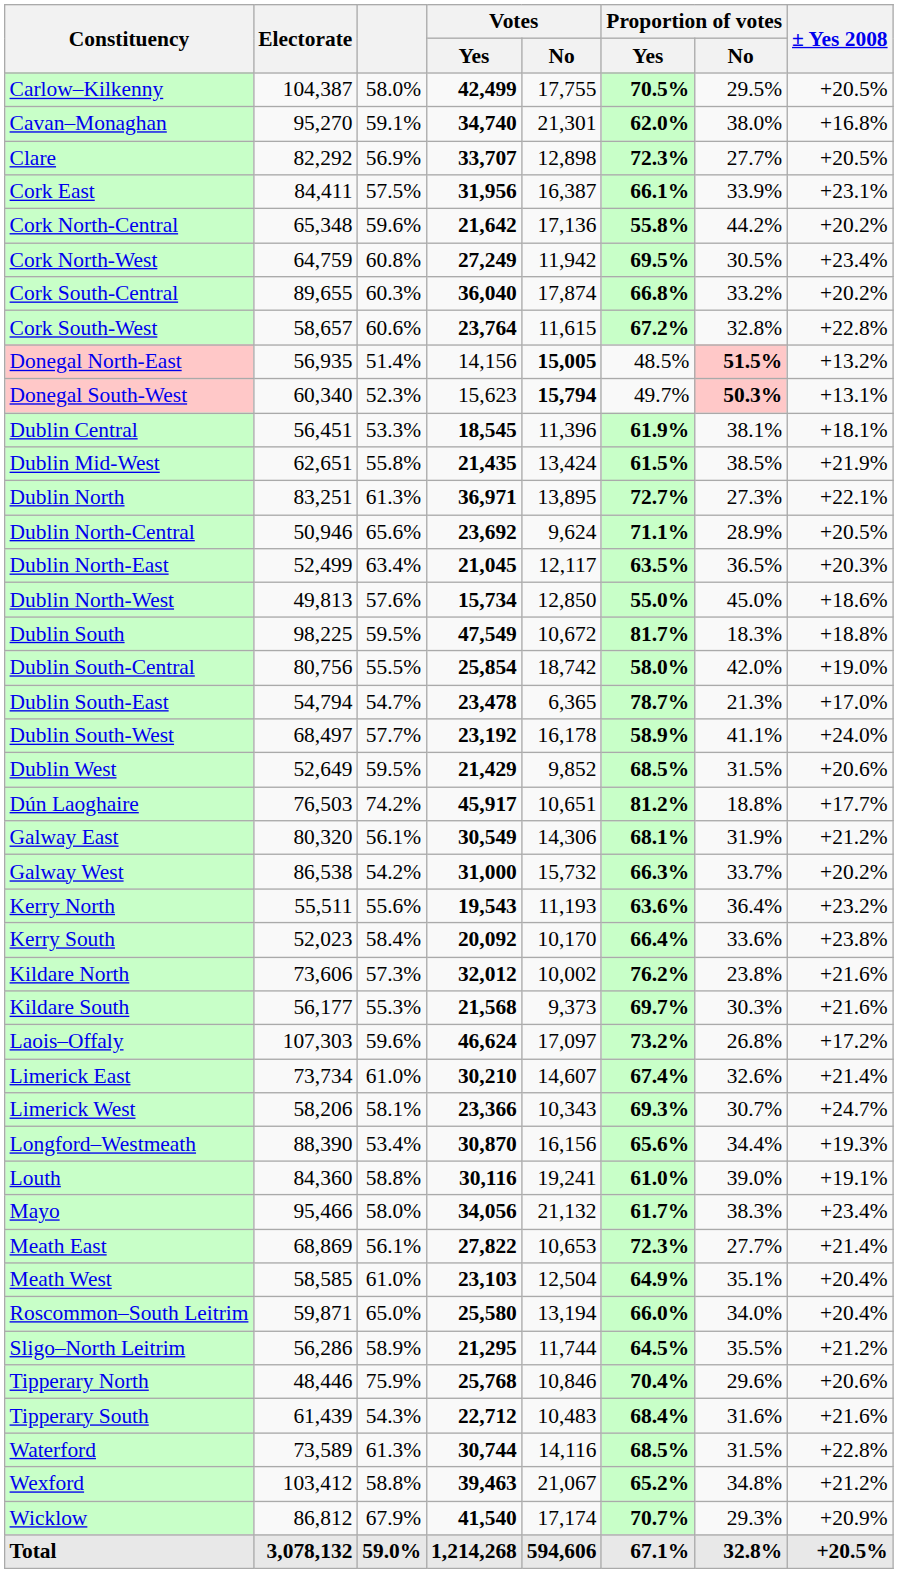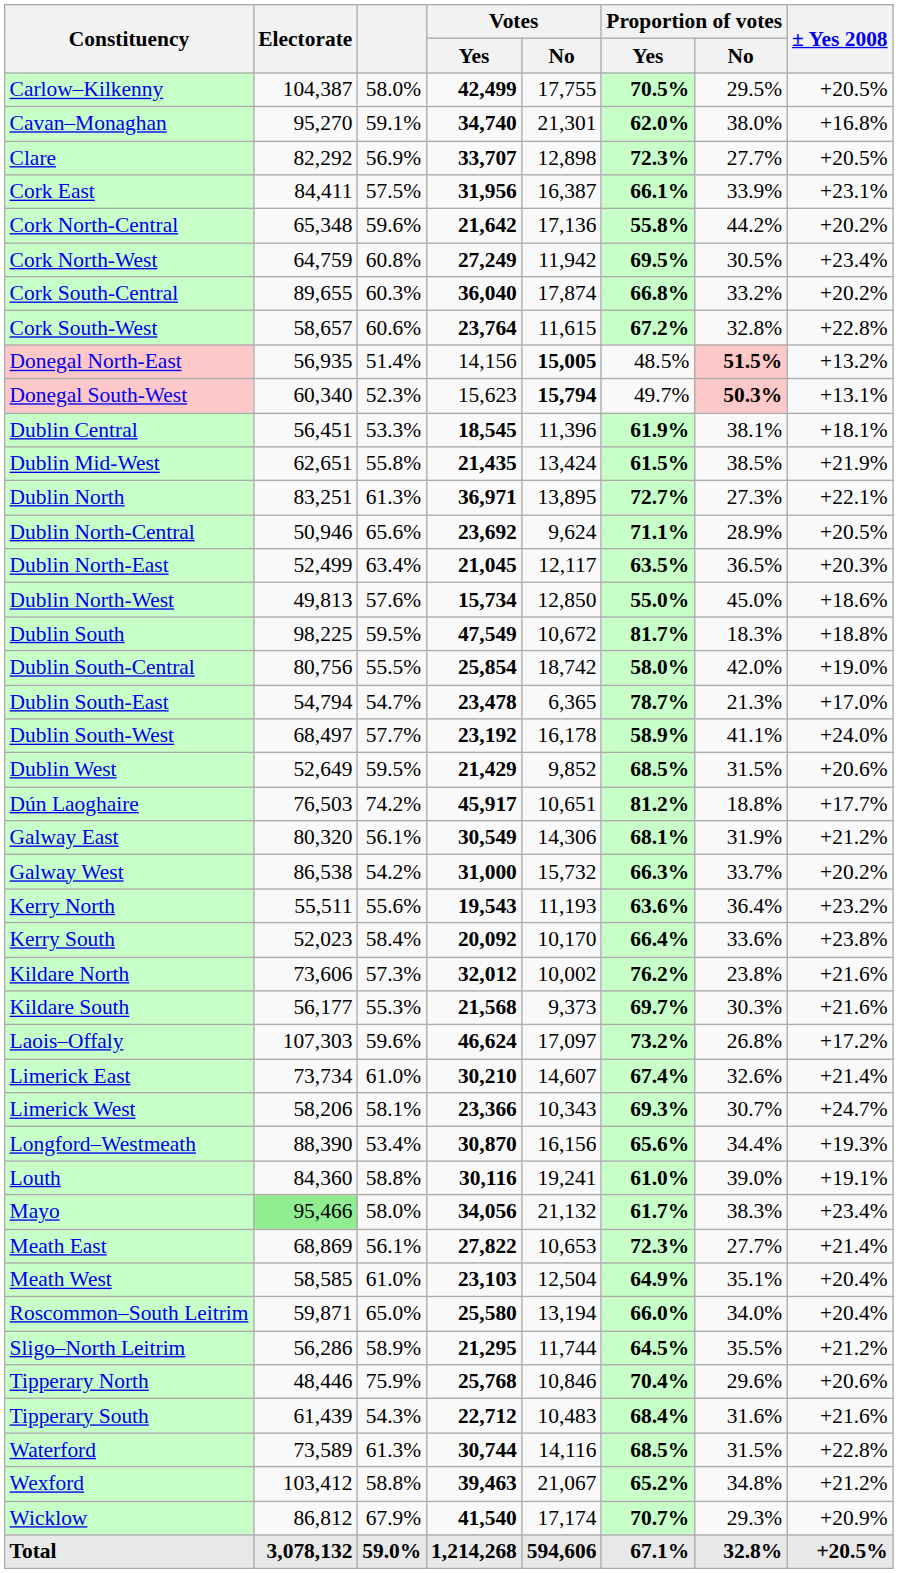 <table class="wikitable sortable">
 <tr>
 <th rowspan=2>Constituency</th>
 <th rowspan=2>Electorate</th>
 <th rowspan=2></th>
 <th colspan=2>Votes</th>
 <th colspan=2>Proportion of votes</th>
 <th rowspan=2><a href='#'>± Yes 2008</a></th>
 </tr>
 <tr>
 <th>Yes</th>
 <th>No</th>
 <th>Yes</th>
 <th>No</th>
 </tr>
 <tr>
 <td style="background:#c8ffc8;"><a href='#'>Carlow–Kilkenny</a></td>
 <td style="text-align: right;">104,387</td>
 <td style="text-align: right;">58.0%</td>
 <td style="text-align: right;"><strong>42,499</strong></td>
 <td style="text-align: right;">17,755</td>
 <td style="text-align: right; background:#c8ffc8;"><strong>70.5%</strong></td>
 <td style="text-align: right;">29.5%</td>
 <td style="text-align: right;">+20.5%</td>
 </tr>
 <tr>
 <td style="background:#c8ffc8;"><a href='#'>Cavan–Monaghan</a></td>
 <td style="text-align: right;">95,270</td>
 <td style="text-align: right;">59.1%</td>
 <td style="text-align: right;"><strong>34,740</strong></td>
 <td style="text-align: right;">21,301</td>
 <td style="text-align: right; background:#c8ffc8;"><strong>62.0%</strong></td>
 <td style="text-align: right;">38.0%</td>
 <td style="text-align: right;">+16.8%</td>
 </tr>
 <tr>
 <td style="background:#c8ffc8;"><a href='#'>Clare</a></td>
 <td style="text-align: right;">82,292</td>
 <td style="text-align: right;">56.9%</td>
 <td style="text-align: right;"><strong>33,707</strong></td>
 <td style="text-align: right;">12,898</td>
 <td style="text-align: right; background:#c8ffc8;"><strong>72.3%</strong></td>
 <td style="text-align: right;">27.7%</td>
 <td style="text-align: right;">+20.5%</td>
 </tr>
 <tr>
 <td style="background:#c8ffc8;"><a href='#'>Cork East</a></td>
 <td style="text-align: right;">84,411</td>
 <td style="text-align: right;">57.5%</td>
 <td style="text-align: right;"><strong>31,956</strong></td>
 <td style="text-align: right;">16,387</td>
 <td style="text-align: right; background:#c8ffc8;"><strong>66.1%</strong></td>
 <td style="text-align: right;">33.9%</td>
 <td style="text-align: right;">+23.1%</td>
 </tr>
 <tr>
 <td style="background:#c8ffc8;"><a href='#'>Cork North-Central</a></td>
 <td style="text-align: right;">65,348</td>
 <td style="text-align: right;">59.6%</td>
 <td style="text-align: right;"><strong>21,642</strong></td>
 <td style="text-align: right;">17,136</td>
 <td style="text-align: right; background:#c8ffc8;"><strong>55.8%</strong></td>
 <td style="text-align: right;">44.2%</td>
 <td style="text-align: right;">+20.2%</td>
 </tr>
 <tr>
 <td style="background:#c8ffc8;"><a href='#'>Cork North-West</a></td>
 <td style="text-align: right;">64,759</td>
 <td style="text-align: right;">60.8%</td>
 <td style="text-align: right;"><strong>27,249</strong></td>
 <td style="text-align: right;">11,942</td>
 <td style="text-align: right; background:#c8ffc8;"><strong>69.5%</strong></td>
 <td style="text-align: right;">30.5%</td>
 <td style="text-align: right;">+23.4%</td>
 </tr>
 <tr>
 <td style="background:#c8ffc8;"><a href='#'>Cork South-Central</a></td>
 <td style="text-align: right;">89,655</td>
 <td style="text-align: right;">60.3%</td>
 <td style="text-align: right;"><strong>36,040</strong></td>
 <td style="text-align: right;">17,874</td>
 <td style="text-align: right; background:#c8ffc8;"><strong>66.8%</strong></td>
 <td style="text-align: right;">33.2%</td>
 <td style="text-align: right;">+20.2%</td>
 </tr>
 <tr>
 <td style="background:#c8ffc8;"><a href='#'>Cork South-West</a></td>
 <td style="text-align: right;">58,657</td>
 <td style="text-align: right;">60.6%</td>
 <td style="text-align: right;"><strong>23,764</strong></td>
 <td style="text-align: right;">11,615</td>
 <td style="text-align: right; background:#c8ffc8;"><strong>67.2%</strong></td>
 <td style="text-align: right;">32.8%</td>
 <td style="text-align: right;">+22.8%</td>
 </tr>
 <tr>
 <td style="background:#ffc8c8;"><a href='#'>Donegal North-East</a></td>
 <td style="text-align: right;">56,935</td>
 <td style="text-align: right;">51.4%</td>
 <td style="text-align: right;">14,156</td>
 <td style="text-align: right;"><strong>15,005</strong></td>
 <td style="text-align: right;">48.5%</td>
 <td style="text-align: right; background:#ffc8c8;"><strong>51.5%</strong></td>
 <td style="text-align: right;">+13.2%</td>
 </tr>
 <tr>
 <td style="background:#ffc8c8;"><a href='#'>Donegal South-West</a></td>
 <td style="text-align: right;">60,340</td>
 <td style="text-align: right;">52.3%</td>
 <td style="text-align: right;">15,623</td>
 <td style="text-align: right;"><strong>15,794</strong></td>
 <td style="text-align: right;">49.7%</td>
 <td style="text-align: right; background:#ffc8c8;"><strong>50.3%</strong></td>
 <td style="text-align: right;">+13.1%</td>
 </tr>
 <tr>
 <td style="background:#c8ffc8;"><a href='#'>Dublin Central</a></td>
 <td style="text-align: right;">56,451</td>
 <td style="text-align: right;">53.3%</td>
 <td style="text-align: right;"><strong>18,545</strong></td>
 <td style="text-align: right;">11,396</td>
 <td style="text-align: right; background:#c8ffc8;"><strong>61.9%</strong></td>
 <td style="text-align: right;">38.1%</td>
 <td style="text-align: right;">+18.1%</td>
 </tr>
 <tr>
 <td style="background:#c8ffc8;"><a href='#'>Dublin Mid-West</a></td>
 <td style="text-align: right;">62,651</td>
 <td style="text-align: right;">55.8%</td>
 <td style="text-align: right;"><strong>21,435</strong></td>
 <td style="text-align: right;">13,424</td>
 <td style="text-align: right; background:#c8ffc8;"><strong>61.5%</strong></td>
 <td style="text-align: right;">38.5%</td>
 <td style="text-align: right;">+21.9%</td>
 </tr>
 <tr>
 <td style="background:#c8ffc8;"><a href='#'>Dublin North</a></td>
 <td style="text-align: right;">83,251</td>
 <td style="text-align: right;">61.3%</td>
 <td style="text-align: right;"><strong>36,971</strong></td>
 <td style="text-align: right;">13,895</td>
 <td style="text-align: right; background:#c8ffc8;"><strong>72.7%</strong></td>
 <td style="text-align: right;">27.3%</td>
 <td style="text-align: right;">+22.1%</td>
 </tr>
 <tr>
 <td style="background:#c8ffc8;"><a href='#'>Dublin North-Central</a></td>
 <td style="text-align: right;">50,946</td>
 <td style="text-align: right;">65.6%</td>
 <td style="text-align: right;"><strong>23,692</strong></td>
 <td style="text-align: right;">9,624</td>
 <td style="text-align: right; background:#c8ffc8;"><strong>71.1%</strong></td>
 <td style="text-align: right;">28.9%</td>
 <td style="text-align: right;">+20.5%</td>
 </tr>
 <tr>
 <td style="background:#c8ffc8;"><a href='#'>Dublin North-East</a></td>
 <td style="text-align: right;">52,499</td>
 <td style="text-align: right;">63.4%</td>
 <td style="text-align: right;"><strong>21,045</strong></td>
 <td style="text-align: right;">12,117</td>
 <td style="text-align: right; background:#c8ffc8;"><strong>63.5%</strong></td>
 <td style="text-align: right;">36.5%</td>
 <td style="text-align: right;">+20.3%</td>
 </tr>
 <tr>
 <td style="background:#c8ffc8;"><a href='#'>Dublin North-West</a></td>
 <td style="text-align: right;">49,813</td>
 <td style="text-align: right;">57.6%</td>
 <td style="text-align: right;"><strong>15,734</strong></td>
 <td style="text-align: right;">12,850</td>
 <td style="text-align: right; background:#c8ffc8;"><strong>55.0%</strong></td>
 <td style="text-align: right;">45.0%</td>
 <td style="text-align: right;">+18.6%</td>
 </tr>
 <tr>
 <td style="background:#c8ffc8;"><a href='#'>Dublin South</a></td>
 <td style="text-align: right;">98,225</td>
 <td style="text-align: right;">59.5%</td>
 <td style="text-align: right;"><strong>47,549</strong></td>
 <td style="text-align: right;">10,672</td>
 <td style="text-align: right; background:#c8ffc8;"><strong>81.7%</strong></td>
 <td style="text-align: right;">18.3%</td>
 <td style="text-align: right;">+18.8%</td>
 </tr>
 <tr>
 <td style="background:#c8ffc8;"><a href='#'>Dublin South-Central</a></td>
 <td style="text-align: right;">80,756</td>
 <td style="text-align: right;">55.5%</td>
 <td style="text-align: right;"><strong>25,854</strong></td>
 <td style="text-align: right;">18,742</td>
 <td style="text-align: right; background:#c8ffc8;"><strong>58.0%</strong></td>
 <td style="text-align: right;">42.0%</td>
 <td style="text-align: right;">+19.0%</td>
 </tr>
 <tr>
 <td style="background:#c8ffc8;"><a href='#'>Dublin South-East</a></td>
 <td style="text-align: right;">54,794</td>
 <td style="text-align: right;">54.7%</td>
 <td style="text-align: right;"><strong>23,478</strong></td>
 <td style="text-align: right;">6,365</td>
 <td style="text-align: right; background:#c8ffc8;"><strong>78.7%</strong></td>
 <td style="text-align: right;">21.3%</td>
 <td style="text-align: right;">+17.0%</td>
 </tr>
 <tr>
 <td style="background:#c8ffc8;"><a href='#'>Dublin South-West</a></td>
 <td style="text-align: right;">68,497</td>
 <td style="text-align: right;">57.7%</td>
 <td style="text-align: right;"><strong>23,192</strong></td>
 <td style="text-align: right;">16,178</td>
 <td style="text-align: right; background:#c8ffc8;"><strong>58.9%</strong></td>
 <td style="text-align: right;">41.1%</td>
 <td style="text-align: right;">+24.0%</td>
 </tr>
 <tr>
 <td style="background:#c8ffc8;"><a href='#'>Dublin West</a></td>
 <td style="text-align: right;">52,649</td>
 <td style="text-align: right;">59.5%</td>
 <td style="text-align: right;"><strong>21,429</strong></td>
 <td style="text-align: right;">9,852</td>
 <td style="text-align: right; background:#c8ffc8;"><strong>68.5%</strong></td>
 <td style="text-align: right;">31.5%</td>
 <td style="text-align: right;">+20.6%</td>
 </tr>
 <tr>
 <td style="background:#c8ffc8;"><a href='#'>Dún Laoghaire</a></td>
 <td style="text-align: right;">76,503</td>
 <td style="text-align: right;">74.2%</td>
 <td style="text-align: right;"><strong>45,917</strong></td>
 <td style="text-align: right;">10,651</td>
 <td style="text-align: right; background:#c8ffc8;"><strong>81.2%</strong></td>
 <td style="text-align: right;">18.8%</td>
 <td style="text-align: right;">+17.7%</td>
 </tr>
 <tr>
 <td style="background:#c8ffc8;"><a href='#'>Galway East</a></td>
 <td style="text-align: right;">80,320</td>
 <td style="text-align: right;">56.1%</td>
 <td style="text-align: right;"><strong>30,549</strong></td>
 <td style="text-align: right;">14,306</td>
 <td style="text-align: right; background:#c8ffc8;"><strong>68.1%</strong></td>
 <td style="text-align: right;">31.9%</td>
 <td style="text-align: right;">+21.2%</td>
 </tr>
 <tr>
 <td style="background:#c8ffc8;"><a href='#'>Galway West</a></td>
 <td style="text-align: right;">86,538</td>
 <td style="text-align: right;">54.2%</td>
 <td style="text-align: right;"><strong>31,000</strong></td>
 <td style="text-align: right;">15,732</td>
 <td style="text-align: right; background:#c8ffc8;"><strong>66.3%</strong></td>
 <td style="text-align: right;">33.7%</td>
 <td style="text-align: right;">+20.2%</td>
 </tr>
 <tr>
 <td style="background:#c8ffc8;"><a href='#'>Kerry North</a></td>
 <td style="text-align: right;">55,511</td>
 <td style="text-align: right;">55.6%</td>
 <td style="text-align: right;"><strong>19,543</strong></td>
 <td style="text-align: right;">11,193</td>
 <td style="text-align: right; background:#c8ffc8;"><strong>63.6%</strong></td>
 <td style="text-align: right;">36.4%</td>
 <td style="text-align: right;">+23.2%</td>
 </tr>
 <tr>
 <td style="background:#c8ffc8;"><a href='#'>Kerry South</a></td>
 <td style="text-align: right;">52,023</td>
 <td style="text-align: right;">58.4%</td>
 <td style="text-align: right;"><strong>20,092</strong></td>
 <td style="text-align: right;">10,170</td>
 <td style="text-align: right; background:#c8ffc8;"><strong>66.4%</strong></td>
 <td style="text-align: right;">33.6%</td>
 <td style="text-align: right;">+23.8%</td>
 </tr>
 <tr>
 <td style="background:#c8ffc8;"><a href='#'>Kildare North</a></td>
 <td style="text-align: right;">73,606</td>
 <td style="text-align: right;">57.3%</td>
 <td style="text-align: right;"><strong>32,012</strong></td>
 <td style="text-align: right;">10,002</td>
 <td style="text-align: right; background:#c8ffc8;"><strong>76.2%</strong></td>
 <td style="text-align: right;">23.8%</td>
 <td style="text-align: right;">+21.6%</td>
 </tr>
 <tr>
 <td style="background:#c8ffc8;"><a href='#'>Kildare South</a></td>
 <td style="text-align: right;">56,177</td>
 <td style="text-align: right;">55.3%</td>
 <td style="text-align: right;"><strong>21,568</strong></td>
 <td style="text-align: right;">9,373</td>
 <td style="text-align: right; background:#c8ffc8;"><strong>69.7%</strong></td>
 <td style="text-align: right;">30.3%</td>
 <td style="text-align: right;">+21.6%</td>
 </tr>
 <tr>
 <td style="background:#c8ffc8;"><a href='#'>Laois–Offaly</a></td>
 <td style="text-align: right;">107,303</td>
 <td style="text-align: right;">59.6%</td>
 <td style="text-align: right;"><strong>46,624</strong></td>
 <td style="text-align: right;">17,097</td>
 <td style="text-align: right; background:#c8ffc8;"><strong>73.2%</strong></td>
 <td style="text-align: right;">26.8%</td>
 <td style="text-align: right;">+17.2%</td>
 </tr>
 <tr>
 <td style="background:#c8ffc8;"><a href='#'>Limerick East</a></td>
 <td style="text-align: right;">73,734</td>
 <td style="text-align: right;">61.0%</td>
 <td style="text-align: right;"><strong>30,210</strong></td>
 <td style="text-align: right;">14,607</td>
 <td style="text-align: right; background:#c8ffc8;"><strong>67.4%</strong></td>
 <td style="text-align: right;">32.6%</td>
 <td style="text-align: right;">+21.4%</td>
 </tr>
 <tr>
 <td style="background:#c8ffc8;"><a href='#'>Limerick West</a></td>
 <td style="text-align: right;">58,206</td>
 <td style="text-align: right;">58.1%</td>
 <td style="text-align: right;"><strong>23,366</strong></td>
 <td style="text-align: right;">10,343</td>
 <td style="text-align: right; background:#c8ffc8;"><strong>69.3%</strong></td>
 <td style="text-align: right;">30.7%</td>
 <td style="text-align: right;">+24.7%</td>
 </tr>
 <tr>
 <td style="background:#c8ffc8;"><a href='#'>Longford–Westmeath</a></td>
 <td style="text-align: right;">88,390</td>
 <td style="text-align: right;">53.4%</td>
 <td style="text-align: right;"><strong>30,870</strong></td>
 <td style="text-align: right;">16,156</td>
 <td style="text-align: right; background:#c8ffc8;"><strong>65.6%</strong></td>
 <td style="text-align: right;">34.4%</td>
 <td style="text-align: right;">+19.3%</td>
 </tr>
 <tr>
 <td style="background:#c8ffc8;"><a href='#'>Louth</a></td>
 <td style="text-align: right;">84,360</td>
 <td style="text-align: right;">58.8%</td>
 <td style="text-align: right;"><strong>30,116</strong></td>
 <td style="text-align: right;">19,241</td>
 <td style="text-align: right; background:#c8ffc8;"><strong>61.0%</strong></td>
 <td style="text-align: right;">39.0%</td>
 <td style="text-align: right;">+19.1%</td>
 </tr>
 <tr>
 <td style="background:#c8ffc8;"><a href='#'>Mayo</a></td>
-<td style="text-align: right;">95,466</td>
+<td style="background: lightgreen; text-align: right;">95,466</td>
 <td style="text-align: right;">58.0%</td>
 <td style="text-align: right;"><strong>34,056</strong></td>
 <td style="text-align: right;">21,132</td>
 <td style="text-align: right; background:#c8ffc8;"><strong>61.7%</strong></td>
 <td style="text-align: right;">38.3%</td>
 <td style="text-align: right;">+23.4%</td>
 </tr>
 <tr>
 <td style="background:#c8ffc8;"><a href='#'>Meath East</a></td>
 <td style="text-align: right;">68,869</td>
 <td style="text-align: right;">56.1%</td>
 <td style="text-align: right;"><strong>27,822</strong></td>
 <td style="text-align: right;">10,653</td>
 <td style="text-align: right; background:#c8ffc8;"><strong>72.3%</strong></td>
 <td style="text-align: right;">27.7%</td>
 <td style="text-align: right;">+21.4%</td>
 </tr>
 <tr>
 <td style="background:#c8ffc8;"><a href='#'>Meath West</a></td>
 <td style="text-align: right;">58,585</td>
 <td style="text-align: right;">61.0%</td>
 <td style="text-align: right;"><strong>23,103</strong></td>
 <td style="text-align: right;">12,504</td>
 <td style="text-align: right; background:#c8ffc8;"><strong>64.9%</strong></td>
 <td style="text-align: right;">35.1%</td>
 <td style="text-align: right;">+20.4%</td>
 </tr>
 <tr>
 <td style="background:#c8ffc8;"><a href='#'>Roscommon–South Leitrim</a></td>
 <td style="text-align: right;">59,871</td>
 <td style="text-align: right;">65.0%</td>
 <td style="text-align: right;"><strong>25,580</strong></td>
 <td style="text-align: right;">13,194</td>
 <td style="text-align: right; background:#c8ffc8;"><strong>66.0%</strong></td>
 <td style="text-align: right;">34.0%</td>
 <td style="text-align: right;">+20.4%</td>
 </tr>
 <tr>
 <td style="background:#c8ffc8;"><a href='#'>Sligo–North Leitrim</a></td>
 <td style="text-align: right;">56,286</td>
 <td style="text-align: right;">58.9%</td>
 <td style="text-align: right;"><strong>21,295</strong></td>
 <td style="text-align: right;">11,744</td>
 <td style="text-align: right; background:#c8ffc8;"><strong>64.5%</strong></td>
 <td style="text-align: right;">35.5%</td>
 <td style="text-align: right;">+21.2%</td>
 </tr>
 <tr>
 <td style="background:#c8ffc8;"><a href='#'>Tipperary North</a></td>
 <td style="text-align: right;">48,446</td>
 <td style="text-align: right;">75.9%</td>
 <td style="text-align: right;"><strong>25,768</strong></td>
 <td style="text-align: right;">10,846</td>
 <td style="text-align: right; background:#c8ffc8;"><strong>70.4%</strong></td>
 <td style="text-align: right;">29.6%</td>
 <td style="text-align: right;">+20.6%</td>
 </tr>
 <tr>
 <td style="background:#c8ffc8;"><a href='#'>Tipperary South</a></td>
 <td style="text-align: right;">61,439</td>
 <td style="text-align: right;">54.3%</td>
 <td style="text-align: right;"><strong>22,712</strong></td>
 <td style="text-align: right;">10,483</td>
 <td style="text-align: right; background:#c8ffc8;"><strong>68.4%</strong></td>
 <td style="text-align: right;">31.6%</td>
 <td style="text-align: right;">+21.6%</td>
 </tr>
 <tr>
 <td style="background:#c8ffc8;"><a href='#'>Waterford</a></td>
 <td style="text-align: right;">73,589</td>
 <td style="text-align: right;">61.3%</td>
 <td style="text-align: right;"><strong>30,744</strong></td>
 <td style="text-align: right;">14,116</td>
 <td style="text-align: right; background:#c8ffc8;"><strong>68.5%</strong></td>
 <td style="text-align: right;">31.5%</td>
 <td style="text-align: right;">+22.8%</td>
 </tr>
 <tr>
 <td style="background:#c8ffc8;"><a href='#'>Wexford</a></td>
 <td style="text-align: right;">103,412</td>
 <td style="text-align: right;">58.8%</td>
 <td style="text-align: right;"><strong>39,463</strong></td>
 <td style="text-align: right;">21,067</td>
 <td style="text-align: right; background:#c8ffc8;"><strong>65.2%</strong></td>
 <td style="text-align: right;">34.8%</td>
 <td style="text-align: right;">+21.2%</td>
 </tr>
 <tr>
 <td style="background:#c8ffc8;"><a href='#'>Wicklow</a></td>
 <td style="text-align: right;">86,812</td>
 <td style="text-align: right;">67.9%</td>
 <td style="text-align: right;"><strong>41,540</strong></td>
 <td style="text-align: right;">17,174</td>
 <td style="text-align: right; background:#c8ffc8;"><strong>70.7%</strong></td>
 <td style="text-align: right;">29.3%</td>
 <td style="text-align: right;">+20.9%</td>
 </tr>
 <tr class="sortbottom" style="font-weight:bold; background:rgb(232,232,232);">
 <td>Total</td>
 <td style="text-align: right;">3,078,132</td>
 <td style="text-align: right;">59.0%</td>
 <td style="text-align: right;">1,214,268</td>
 <td style="text-align: right;">594,606</td>
 <td style="text-align: right;">67.1%</td>
 <td style="text-align: right;">32.8%</td>
 <td style="text-align: right;">+20.5%</td>
 </tr>
 </table>
